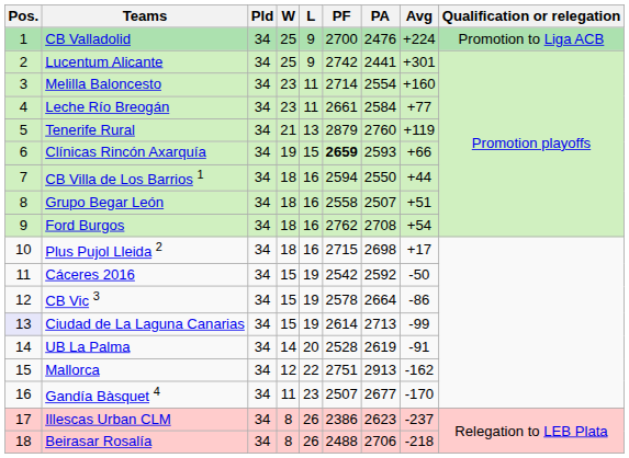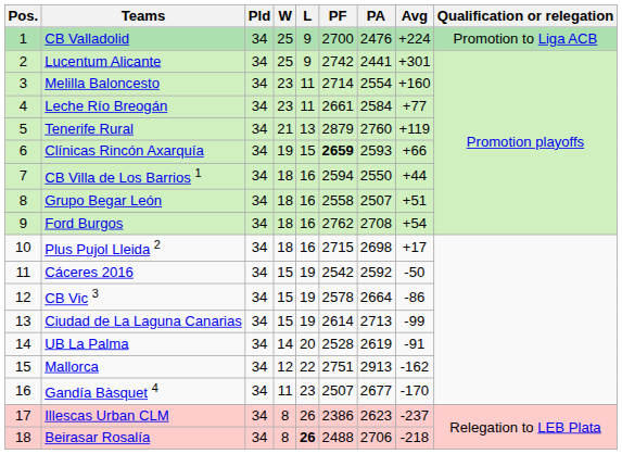 <table class="wikitable" style="text-align: center;">
 <tr>
 <th>Pos.</th>
 <th>Teams</th>
 <th>Pld</th>
 <th>W</th>
 <th>L</th>
 <th>PF</th>
 <th>PA</th>
 <th>Avg</th>
 <th>Qualification or relegation</th>
 </tr>
 <tr bgcolor=ACE1AF>
 <td>1</td>
 <td align="left"><a href='#'>CB Valladolid</a></td>
 <td>34</td>
 <td>25</td>
 <td>9</td>
 <td>2700</td>
 <td>2476</td>
 <td>+224</td>
 <td>Promotion to <a href='#'>Liga ACB</a></td>
 </tr>
 <tr bgcolor=D0F0C0>
 <td>2</td>
 <td align="left"><a href='#'>Lucentum Alicante</a></td>
 <td>34</td>
 <td>25</td>
 <td>9</td>
 <td>2742</td>
 <td>2441</td>
 <td>+301</td>
 <td rowspan=8 align="center"><a href='#'>Promotion playoffs</a></td>
 </tr>
 <tr bgcolor=D0F0C0>
 <td>3</td>
 <td align="left"><a href='#'>Melilla Baloncesto</a></td>
 <td>34</td>
 <td>23</td>
 <td>11</td>
 <td>2714</td>
 <td>2554</td>
 <td>+160</td>
 </tr>
 <tr bgcolor=D0F0C0>
 <td>4</td>
 <td align="left"><a href='#'>Leche Río Breogán</a></td>
 <td>34</td>
 <td>23</td>
 <td>11</td>
 <td>2661</td>
 <td>2584</td>
 <td>+77</td>
 </tr>
 <tr bgcolor=D0F0C0>
 <td>5</td>
 <td align="left"><a href='#'>Tenerife Rural</a></td>
 <td>34</td>
 <td>21</td>
 <td>13</td>
 <td>2879</td>
 <td>2760</td>
 <td>+119</td>
 </tr>
 <tr bgcolor=D0F0C0>
 <td>6</td>
 <td align="left"><a href='#'>Clínicas Rincón Axarquía</a></td>
 <td>34</td>
 <td>19</td>
 <td>15</td>
 <td><strong>2659</strong></td>
 <td>2593</td>
 <td>+66</td>
 </tr>
 <tr bgcolor=D0F0C0>
 <td>7</td>
 <td align="left"><a href='#'>CB Villa de Los Barrios</a> <sup><span>1</span></sup></td>
 <td>34</td>
 <td>18</td>
 <td>16</td>
 <td>2594</td>
 <td>2550</td>
 <td>+44</td>
 </tr>
 <tr bgcolor=D0F0C0>
 <td>8</td>
 <td align="left"><a href='#'>Grupo Begar León</a></td>
 <td>34</td>
 <td>18</td>
 <td>16</td>
 <td>2558</td>
 <td>2507</td>
 <td>+51</td>
 </tr>
 <tr bgcolor=D0F0C0>
 <td>9</td>
 <td align="left"><a href='#'>Ford Burgos</a></td>
 <td>34</td>
 <td>18</td>
 <td>16</td>
 <td>2762</td>
 <td>2708</td>
 <td>+54</td>
 </tr>
 <tr>
 <td>10</td>
 <td align="left"><a href='#'>Plus Pujol Lleida</a> <sup><span>2</span></sup></td>
 <td>34</td>
 <td>18</td>
 <td>16</td>
 <td>2715</td>
 <td>2698</td>
 <td>+17</td>
 </tr>
 <tr>
 <td>11</td>
 <td align="left"><a href='#'>Cáceres 2016</a></td>
 <td>34</td>
 <td>15</td>
 <td>19</td>
 <td>2542</td>
 <td>2592</td>
 <td>-50</td>
 </tr>
 <tr>
 <td>12</td>
 <td align="left"><a href='#'>CB Vic</a> <sup><span>3</span></sup></td>
 <td>34</td>
 <td>15</td>
 <td>19</td>
 <td>2578</td>
 <td>2664</td>
 <td>-86</td>
 </tr>
 <tr>
-<td style="background: lavender;">13</td>
+<td>13</td>
 <td align="left"><a href='#'>Ciudad de La Laguna Canarias</a></td>
 <td>34</td>
 <td>15</td>
 <td>19</td>
 <td>2614</td>
 <td>2713</td>
 <td>-99</td>
 </tr>
 <tr>
 <td>14</td>
 <td align="left"><a href='#'>UB La Palma</a></td>
 <td>34</td>
 <td>14</td>
 <td>20</td>
 <td>2528</td>
 <td>2619</td>
 <td>-91</td>
 </tr>
 <tr>
 <td>15</td>
 <td align="left"><a href='#'>Mallorca</a></td>
 <td>34</td>
 <td>12</td>
 <td>22</td>
 <td>2751</td>
 <td>2913</td>
 <td>-162</td>
 </tr>
 <tr>
 <td>16</td>
 <td align="left"><a href='#'>Gandía Bàsquet</a> <sup><span>4</span></sup></td>
 <td>34</td>
 <td>11</td>
 <td>23</td>
 <td>2507</td>
 <td>2677</td>
 <td>-170</td>
 </tr>
 <tr bgcolor=ffcccc>
 <td>17</td>
 <td align="left"><a href='#'>Illescas Urban CLM</a></td>
 <td>34</td>
 <td>8</td>
 <td>26</td>
 <td>2386</td>
 <td>2623</td>
 <td>-237</td>
 <td rowspan=2>Relegation to <a href='#'>LEB Plata</a></td>
 </tr>
 <tr bgcolor=ffcccc>
 <td>18</td>
 <td align="left"><a href='#'>Beirasar Rosalía</a></td>
 <td>34</td>
 <td>8</td>
-<td>26</td>
+<td><strong>26</strong></td>
 <td>2488</td>
 <td>2706</td>
 <td>-218</td>
 </tr>
 </table>
